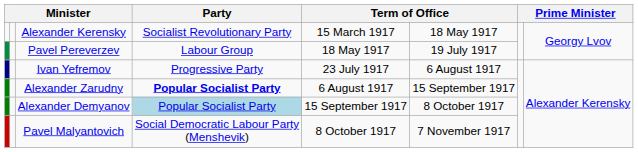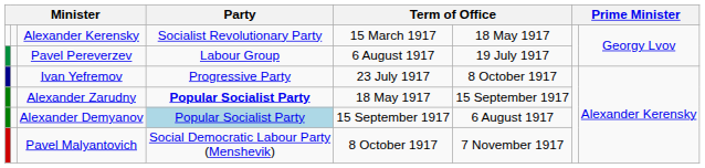 <table class="wikitable" style="text-align:center;">
 <tr>
 <th colspan=3>Minister</th>
 <th>Party</th>
 <th colspan=2>Term of Office</th>
 <th colspan=2><a href='#'>Prime Minister</a></th>
 </tr>
 <tr>
 <td style="background: "></td>
 <td></td>
 <td><a href='#'>Alexander Kerensky</a></td>
 <td><a href='#'>Socialist Revolutionary Party</a></td>
 <td>15 March 1917</td>
 <td>18 May 1917</td>
 <td rowspan=2 style="background: "></td>
 <td rowspan=2><a href='#'>Georgy Lvov</a></td>
 </tr>
 <tr>
 <td style="background: #008F3E;"></td>
 <td></td>
 <td><a href='#'>Pavel Pereverzev</a></td>
 <td><a href='#'>Labour Group</a></td>
-<td>18 May 1917</td>
+<td>6 August 1917</td>
 <td>19 July 1917</td>
 </tr>
 <tr>
 <td style="background: #00008B;"></td>
 <td></td>
 <td><a href='#'>Ivan Yefremov</a></td>
 <td><a href='#'>Progressive Party</a></td>
 <td>23 July 1917</td>
-<td>6 August 1917</td>
+<td>8 October 1917</td>
 <td rowspan=4 style="background: "></td>
 <td rowspan=4><a href='#'>Alexander Kerensky</a></td>
 </tr>
 <tr>
 <td style="background: #008000;"></td>
 <td></td>
 <td><a href='#'>Alexander Zarudny</a></td>
 <td><strong><a href='#'>Popular Socialist Party</a></strong></td>
-<td>6 August 1917</td>
+<td>18 May 1917</td>
 <td>15 September 1917</td>
 </tr>
 <tr>
 <td style="background: #008000;"></td>
 <td></td>
 <td><a href='#'>Alexander Demyanov</a></td>
 <td style="background: lightblue;"><a href='#'>Popular Socialist Party</a></td>
 <td>15 September 1917</td>
-<td>8 October 1917</td>
+<td>6 August 1917</td>
 </tr>
 <tr>
 <td style="background: #CE0000;"></td>
 <td></td>
 <td><a href='#'>Pavel Malyantovich</a></td>
 <td><a href='#'>Social Democratic Labour Party</a><br>(<a href='#'>Menshevik</a>)</td>
 <td>8 October 1917</td>
 <td>7 November 1917</td>
 </tr>
 </table>
